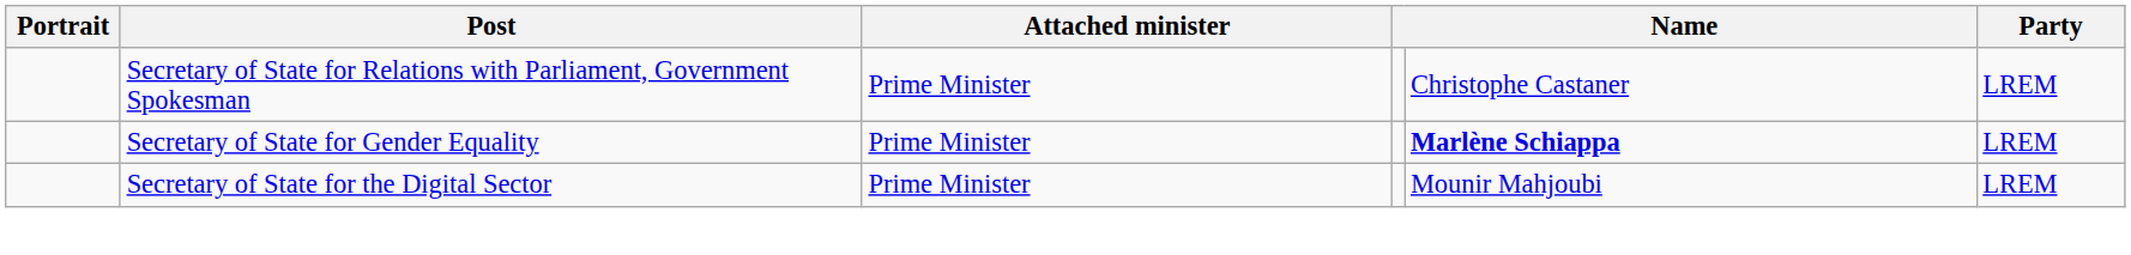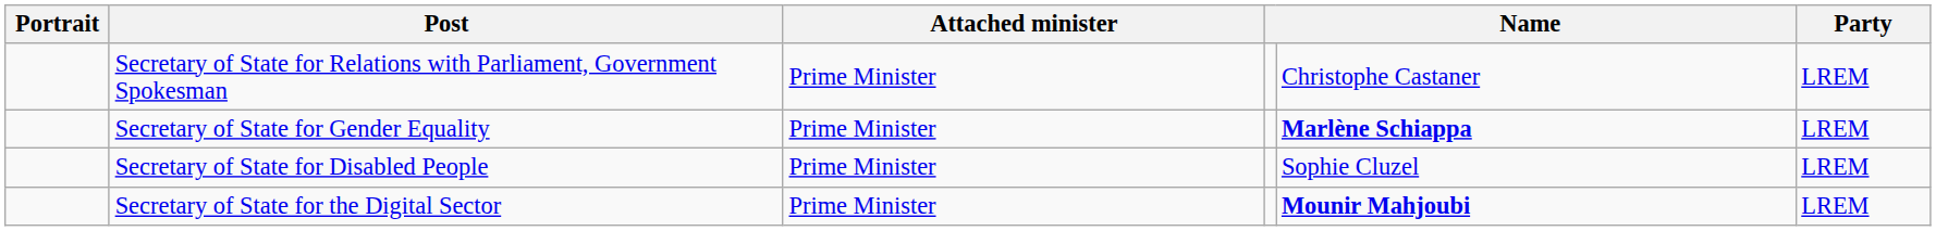 <table class="wikitable sortable" style="width:100%;">
 <tr>
 <th class="unsortable">Portrait</th>
 <th>Post</th>
 <th>Attached minister</th>
 <th colspan="2" scope="col" class="unsortable">Name</th>
 <th>Party</th>
 </tr>
 <tr>
 <td width="80px"></td>
 <td width=35%><a href='#'>Secretary of State for Relations with Parliament, Government Spokesman</a></td>
 <td width=25%><a href='#'>Prime Minister</a></td>
 <td style="background:"></td>
 <td width=27%><a href='#'>Christophe Castaner</a></td>
 <td width=7%><a href='#'>LREM</a></td>
 </tr>
 <tr>
 <td width="80px"></td>
 <td width=35%><a href='#'>Secretary of State for Gender Equality</a></td>
 <td width=25%><a href='#'>Prime Minister</a></td>
 <td style="background:"></td>
 <td width=27%><strong><a href='#'>Marlène Schiappa</a></strong></td>
 <td width=7%><a href='#'>LREM</a></td>
 </tr>
 <tr>
 <td width="80px"></td>
+<td width=35%><a href='#'>Secretary of State for Disabled People</a></td>
+<td width=25%><a href='#'>Prime Minister</a></td>
+<td style="background:"></td>
+<td width=27%><a href='#'>Sophie Cluzel</a></td>
+<td width=7%><a href='#'>LREM</a></td>
+</tr>
+<tr>
+<td width="80px"></td>
 <td width=35%><a href='#'>Secretary of State for the Digital Sector</a></td>
 <td width=25%><a href='#'>Prime Minister</a></td>
 <td style="background:"></td>
-<td width=27%><a href='#'>Mounir Mahjoubi</a></td>
+<td width=27%><strong><a href='#'>Mounir Mahjoubi</a></strong></td>
 <td width=7%><a href='#'>LREM</a></td>
 </tr>
 </table>
